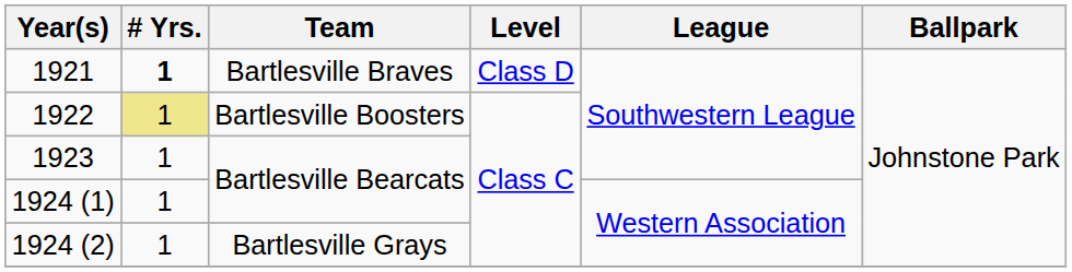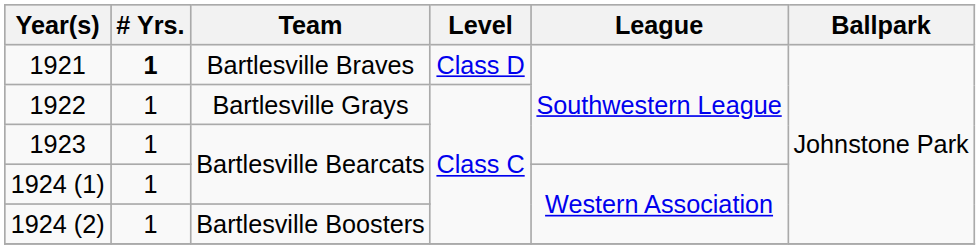 <table class="wikitable" style="text-align:center; font-size: 95%;">
 <tr>
 <th>Year(s)</th>
 <th># Yrs.</th>
 <th>Team</th>
 <th>Level</th>
 <th>League</th>
 <th>Ballpark</th>
 </tr>
 <tr>
 <td>1921</td>
 <td><strong>1</strong></td>
 <td>Bartlesville Braves</td>
 <td><a href='#'>Class D</a></td>
 <td rowspan=3><a href='#'>Southwestern League</a></td>
 <td Rowspan=5>Johnstone Park</td>
 </tr>
 <tr>
 <td>1922</td>
-<td style="background: khaki;">1</td>
-<td>Bartlesville Boosters</td>
+<td>1</td>
+<td>Bartlesville Grays</td>
 <td rowspan=4><a href='#'>Class C</a></td>
 </tr>
 <tr>
 <td>1923</td>
 <td>1</td>
 <td rowspan=2>Bartlesville Bearcats</td>
 </tr>
 <tr>
 <td>1924 (1)</td>
 <td>1</td>
 <td rowspan=2><a href='#'>Western Association</a></td>
 </tr>
 <tr>
 <td>1924 (2)</td>
 <td>1</td>
-<td>Bartlesville Grays</td>
+<td>Bartlesville Boosters</td>
 </tr>
 <tr>
 </tr>
 </table>
